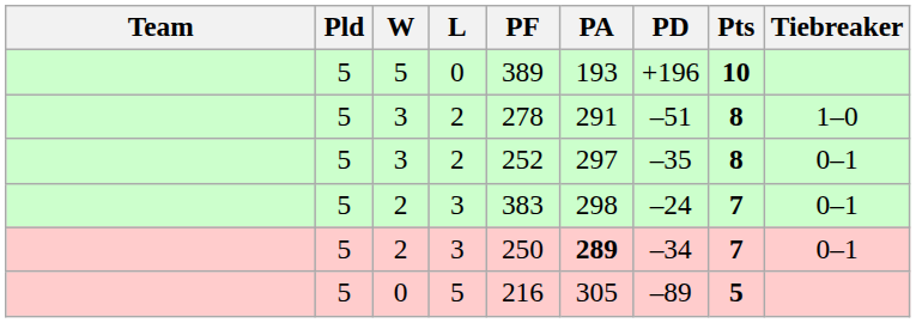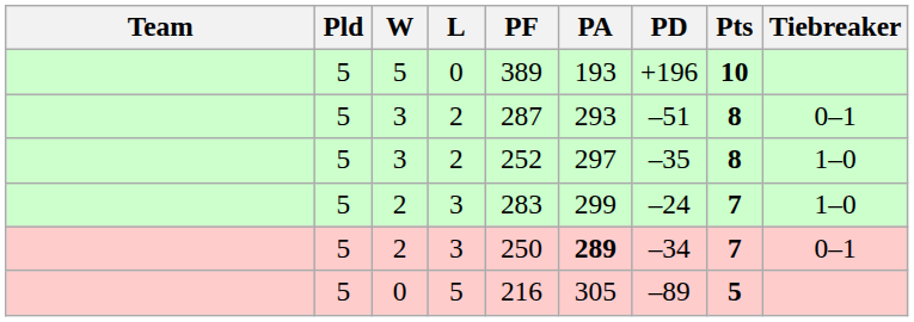 <table class="wikitable" style="text-align:center;">
 <tr>
 <th width=170>Team</th>
 <th width=25>Pld</th>
 <th width=25>W</th>
 <th width=25>L</th>
 <th width=35>PF</th>
 <th width=35>PA</th>
 <th width=35>PD</th>
 <th width=25>Pts</th>
 <th width=50>Tiebreaker</th>
 </tr>
 <tr bgcolor=ccffcc>
 <td align="left"></td>
 <td>5</td>
 <td>5</td>
 <td>0</td>
 <td>389</td>
 <td>193</td>
 <td>+196</td>
 <td><strong>10</strong></td>
 <td></td>
 </tr>
 <tr bgcolor=ccffcc>
 <td align="left"></td>
 <td>5</td>
 <td>3</td>
 <td>2</td>
-<td>278</td>
-<td>291</td>
+<td>287</td>
+<td>293</td>
 <td>–51</td>
 <td><strong>8</strong></td>
-<td>1–0</td>
+<td>0–1</td>
 </tr>
 <tr bgcolor=ccffcc>
 <td align="left"></td>
 <td>5</td>
 <td>3</td>
 <td>2</td>
 <td>252</td>
 <td>297</td>
 <td>–35</td>
 <td><strong>8</strong></td>
-<td>0–1</td>
+<td>1–0</td>
 </tr>
 <tr bgcolor=ccffcc>
 <td align="left"></td>
 <td>5</td>
 <td>2</td>
 <td>3</td>
-<td>383</td>
-<td>298</td>
+<td>283</td>
+<td>299</td>
 <td>–24</td>
 <td><strong>7</strong></td>
-<td>0–1</td>
+<td>1–0</td>
 </tr>
 <tr bgcolor=ffcccc>
 <td align="left"></td>
 <td>5</td>
 <td>2</td>
 <td>3</td>
 <td>250</td>
 <td><strong>289</strong></td>
 <td>–34</td>
 <td><strong>7</strong></td>
 <td>0–1</td>
 </tr>
 <tr bgcolor=ffcccc>
 <td align="left"></td>
 <td>5</td>
 <td>0</td>
 <td>5</td>
 <td>216</td>
 <td>305</td>
 <td>–89</td>
 <td><strong>5</strong></td>
 <td></td>
 </tr>
 </table>
